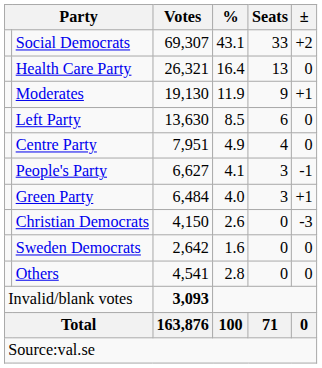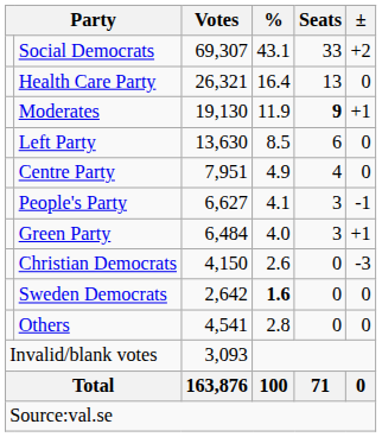 <table class=wikitable style=text-align:right>
 <tr>
 <th colspan=2>Party</th>
 <th>Votes</th>
 <th>%</th>
 <th>Seats</th>
 <th>±</th>
 </tr>
 <tr>
 <td bgcolor=></td>
 <td align=left><a href='#'>Social Democrats</a></td>
 <td>69,307</td>
 <td>43.1</td>
 <td>33</td>
 <td>+2</td>
 </tr>
 <tr>
 <td></td>
 <td align=left><a href='#'>Health Care Party</a></td>
 <td>26,321</td>
 <td>16.4</td>
 <td>13</td>
 <td>0</td>
 </tr>
 <tr>
 <td bgcolor=></td>
 <td align=left><a href='#'>Moderates</a></td>
 <td>19,130</td>
 <td>11.9</td>
-<td>9</td>
+<td><strong>9</strong></td>
 <td>+1</td>
 </tr>
 <tr>
 <td bgcolor=></td>
 <td align=left><a href='#'>Left Party</a></td>
 <td>13,630</td>
 <td>8.5</td>
 <td>6</td>
 <td>0</td>
 </tr>
 <tr>
 <td bgcolor=></td>
 <td align=left><a href='#'>Centre Party</a></td>
 <td>7,951</td>
 <td>4.9</td>
 <td>4</td>
 <td>0</td>
 </tr>
 <tr>
 <td bgcolor=></td>
 <td align=left><a href='#'>People's Party</a></td>
 <td>6,627</td>
 <td>4.1</td>
 <td>3</td>
 <td>-1</td>
 </tr>
 <tr>
 <td bgcolor=></td>
 <td align=left><a href='#'>Green Party</a></td>
 <td>6,484</td>
 <td>4.0</td>
 <td>3</td>
 <td>+1</td>
 </tr>
 <tr>
 <td bgcolor=></td>
 <td align=left><a href='#'>Christian Democrats</a></td>
 <td>4,150</td>
 <td>2.6</td>
 <td>0</td>
 <td>-3</td>
 </tr>
 <tr>
 <td bgcolor=></td>
 <td align=left><a href='#'>Sweden Democrats</a></td>
 <td>2,642</td>
-<td>1.6</td>
+<td><strong>1.6</strong></td>
 <td>0</td>
 <td>0</td>
 </tr>
 <tr>
 <td></td>
 <td align=left><a href='#'>Others</a></td>
 <td>4,541</td>
 <td>2.8</td>
 <td>0</td>
 <td>0</td>
 </tr>
 <tr>
 <td align=left colspan=2>Invalid/blank votes</td>
-<td><strong>3,093</strong></td>
+<td>3,093</td>
 <td colspan=3></td>
 </tr>
 <tr>
 <th align=left colspan=2>Total</th>
 <th>163,876</th>
 <th>100</th>
 <th>71</th>
 <th>0</th>
 </tr>
 <tr>
 <td align=left colspan=6>Source:val.se </td>
 </tr>
 </table>
